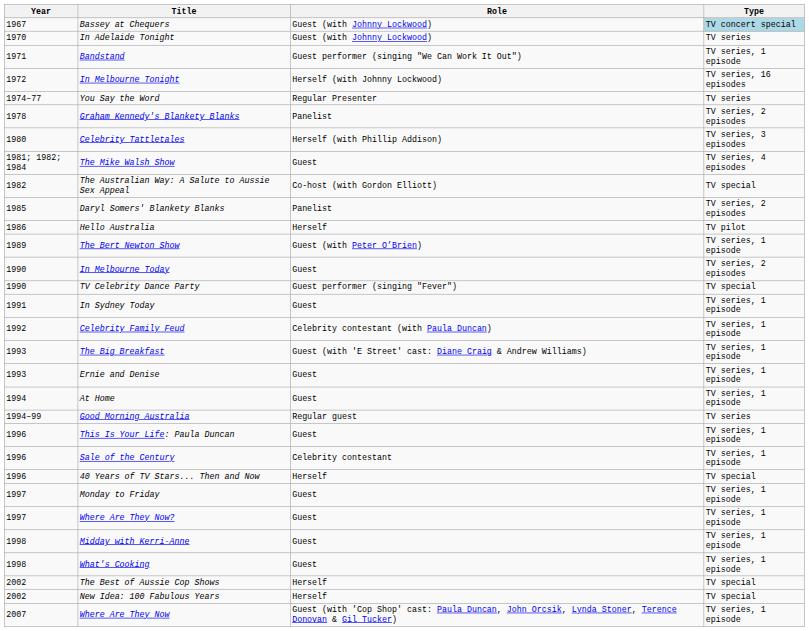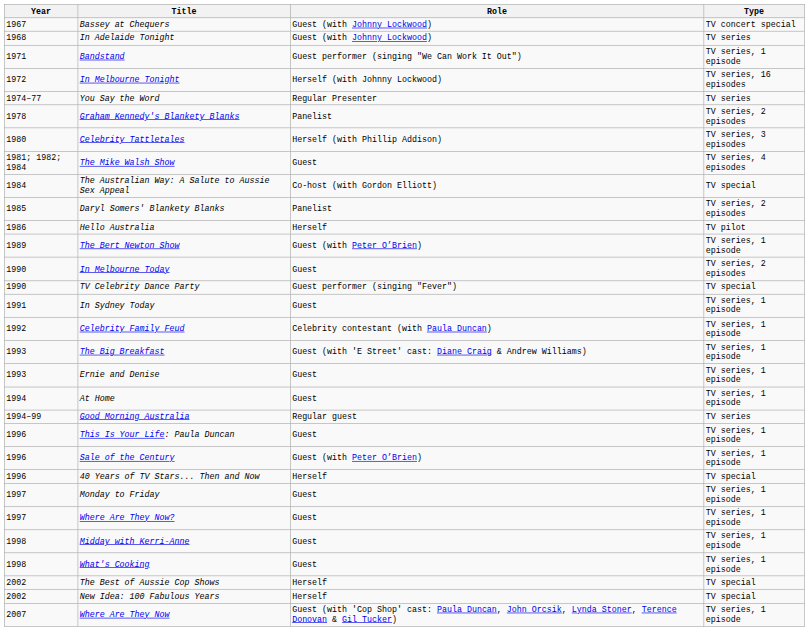 <table class="wikitable">
 <tr>
 <th>Year</th>
 <th>Title</th>
 <th>Role</th>
 <th>Type</th>
 </tr>
 <tr>
 <td>1967</td>
 <td><em>Bassey at Chequers</em></td>
 <td>Guest (with <a href='#'>Johnny Lockwood</a>)</td>
-<td style="background: lightblue;">TV concert special</td>
+<td>TV concert special</td>
 </tr>
 <tr>
-<td>1970</td>
+<td>1968</td>
 <td><em>In Adelaide Tonight</em></td>
 <td>Guest (with <a href='#'>Johnny Lockwood</a>)</td>
 <td>TV series</td>
 </tr>
 <tr>
 <td>1971</td>
 <td><em><a href='#'>Bandstand</a></em></td>
 <td>Guest performer (singing "We Can Work It Out")</td>
 <td>TV series, 1 episode</td>
 </tr>
 <tr>
 <td>1972</td>
 <td><em><a href='#'>In Melbourne Tonight</a></em></td>
 <td>Herself (with Johnny Lockwood)</td>
 <td>TV series, 16 episodes</td>
 </tr>
 <tr>
 <td>1974–77</td>
 <td><em>You Say the Word</em></td>
 <td>Regular Presenter</td>
 <td>TV series</td>
 </tr>
 <tr>
 <td>1978</td>
 <td><em><a href='#'>Graham Kennedy's Blankety Blanks</a></em></td>
 <td>Panelist</td>
 <td>TV series, 2 episodes</td>
 </tr>
 <tr>
 <td>1980</td>
 <td><em><a href='#'>Celebrity Tattletales</a></em></td>
 <td>Herself (with Phillip Addison)</td>
 <td>TV series, 3 episodes</td>
 </tr>
 <tr>
 <td>1981; 1982; 1984</td>
 <td><em><a href='#'>The Mike Walsh Show</a></em></td>
 <td>Guest</td>
 <td>TV series, 4 episodes</td>
 </tr>
 <tr>
-<td>1982</td>
+<td>1984</td>
 <td><em>The Australian Way: A Salute to Aussie Sex Appeal</em></td>
 <td>Co-host (with Gordon Elliott)</td>
 <td>TV special</td>
 </tr>
 <tr>
 <td>1985</td>
 <td><em>Daryl Somers' Blankety Blanks</em></td>
 <td>Panelist</td>
 <td>TV series, 2 episodes</td>
 </tr>
 <tr>
 <td>1986</td>
 <td><em>Hello Australia</em></td>
 <td>Herself</td>
 <td>TV pilot</td>
 </tr>
 <tr>
 <td>1989</td>
 <td><em><a href='#'>The Bert Newton Show</a></em></td>
 <td>Guest (with <a href='#'>Peter O’Brien</a>)</td>
 <td>TV series, 1 episode</td>
 </tr>
 <tr>
 <td>1990</td>
 <td><em><a href='#'>In Melbourne Today</a></em></td>
 <td>Guest</td>
 <td>TV series, 2 episodes</td>
 </tr>
 <tr>
 <td>1990</td>
 <td><em>TV Celebrity Dance Party</em></td>
 <td>Guest performer (singing "Fever")</td>
 <td>TV special</td>
 </tr>
 <tr>
 <td>1991</td>
 <td><em>In Sydney Today</em></td>
 <td>Guest</td>
 <td>TV series, 1 episode</td>
 </tr>
 <tr>
 <td>1992</td>
 <td><em><a href='#'>Celebrity Family Feud</a></em></td>
 <td>Celebrity contestant (with <a href='#'>Paula Duncan</a>)</td>
 <td>TV series, 1 episode</td>
 </tr>
 <tr>
 <td>1993</td>
 <td><em><a href='#'>The Big Breakfast</a></em></td>
 <td>Guest (with 'E Street' cast: <a href='#'>Diane Craig</a> & Andrew Williams)</td>
 <td>TV series, 1 episode</td>
 </tr>
 <tr>
 <td>1993</td>
 <td><em>Ernie and Denise</em></td>
 <td>Guest</td>
 <td>TV series, 1 episode</td>
 </tr>
 <tr>
 <td>1994</td>
 <td><em>At Home</em></td>
 <td>Guest</td>
 <td>TV series, 1 episode</td>
 </tr>
 <tr>
 <td>1994–99</td>
 <td><em><a href='#'>Good Morning Australia</a></em></td>
 <td>Regular guest</td>
 <td>TV series</td>
 </tr>
 <tr>
 <td>1996</td>
 <td><em><a href='#'>This Is Your Life</a>: Paula Duncan</em></td>
 <td>Guest</td>
 <td>TV series, 1 episode</td>
 </tr>
 <tr>
 <td>1996</td>
 <td><em><a href='#'>Sale of the Century</a></em></td>
-<td>Celebrity contestant</td>
+<td>Guest (with <a href='#'>Peter O’Brien</a>)</td>
 <td>TV series, 1 episode</td>
 </tr>
 <tr>
 <td>1996</td>
 <td><em>40 Years of TV Stars... Then and Now</em></td>
 <td>Herself</td>
 <td>TV special</td>
 </tr>
 <tr>
 <td>1997</td>
 <td><em>Monday to Friday</em></td>
 <td>Guest</td>
 <td>TV series, 1 episode</td>
 </tr>
 <tr>
 <td>1997</td>
 <td><em><a href='#'>Where Are They Now?</a></em></td>
 <td>Guest</td>
 <td>TV series, 1 episode</td>
 </tr>
 <tr>
 <td>1998</td>
 <td><em><a href='#'>Midday with Kerri-Anne</a></em></td>
 <td>Guest</td>
 <td>TV series, 1 episode</td>
 </tr>
 <tr>
 <td>1998</td>
 <td><em><a href='#'>What's Cooking</a></em></td>
 <td>Guest</td>
 <td>TV series, 1 episode</td>
 </tr>
 <tr>
 <td>2002</td>
 <td><em>The Best of Aussie Cop Shows</em></td>
 <td>Herself</td>
 <td>TV special</td>
 </tr>
 <tr>
 <td>2002</td>
 <td><em>New Idea: 100 Fabulous Years</em></td>
 <td>Herself</td>
 <td>TV special</td>
 </tr>
 <tr>
 <td>2007</td>
 <td><em><a href='#'>Where Are They Now</a></em></td>
 <td>Guest (with 'Cop Shop' cast: <a href='#'>Paula Duncan</a>, <a href='#'>John Orcsik</a>, <a href='#'>Lynda Stoner</a>, <a href='#'>Terence Donovan</a> & <a href='#'>Gil Tucker</a>)</td>
 <td>TV series, 1 episode</td>
 </tr>
 </table>
